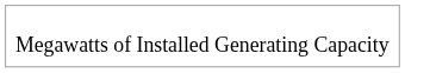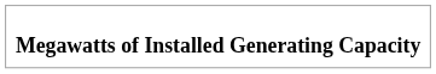 <table style="border:solid 1px #aaa;" cellpadding="7" cellspacing="0" class="floatleft">
 <tr>
 <td></td>
 </tr>
 <tr>
-<td>Megawatts of Installed Generating Capacity</td>
+<td><strong>Megawatts of Installed Generating Capacity</strong></td>
 </tr>
 </table>
